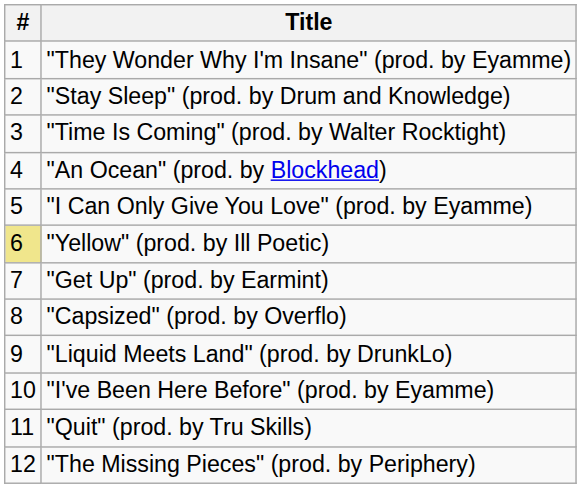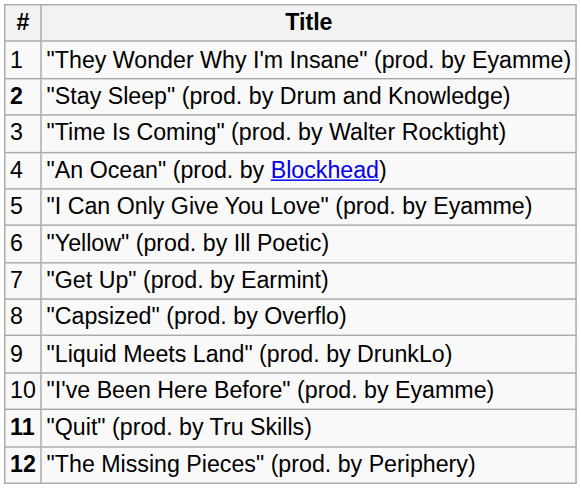 <table class="wikitable">
 <tr>
 <th align="center">#</th>
 <th align="center">Title</th>
 </tr>
 <tr>
 <td>1</td>
 <td>"They Wonder Why I'm Insane" (prod. by Eyamme)</td>
 </tr>
 <tr>
-<td>2</td>
+<td><strong>2</strong></td>
 <td>"Stay Sleep" (prod. by Drum and Knowledge)</td>
 </tr>
 <tr>
 <td>3</td>
 <td>"Time Is Coming" (prod. by Walter Rocktight)</td>
 </tr>
 <tr>
 <td>4</td>
 <td>"An Ocean" (prod. by <a href='#'>Blockhead</a>)</td>
 </tr>
 <tr>
 <td>5</td>
 <td>"I Can Only Give You Love" (prod. by Eyamme)</td>
 </tr>
 <tr>
-<td style="background: khaki;">6</td>
+<td>6</td>
 <td>"Yellow" (prod. by Ill Poetic)</td>
 </tr>
 <tr>
 <td>7</td>
 <td>"Get Up" (prod. by Earmint)</td>
 </tr>
 <tr>
 <td>8</td>
 <td>"Capsized" (prod. by Overflo)</td>
 </tr>
 <tr>
 <td>9</td>
 <td>"Liquid Meets Land" (prod. by DrunkLo)</td>
 </tr>
 <tr>
 <td>10</td>
 <td>"I've Been Here Before" (prod. by Eyamme)</td>
 </tr>
 <tr>
-<td>11</td>
+<td><strong>11</strong></td>
 <td>"Quit" (prod. by Tru Skills)</td>
 </tr>
 <tr>
-<td>12</td>
+<td><strong>12</strong></td>
 <td>"The Missing Pieces" (prod. by Periphery)</td>
 </tr>
 </table>
